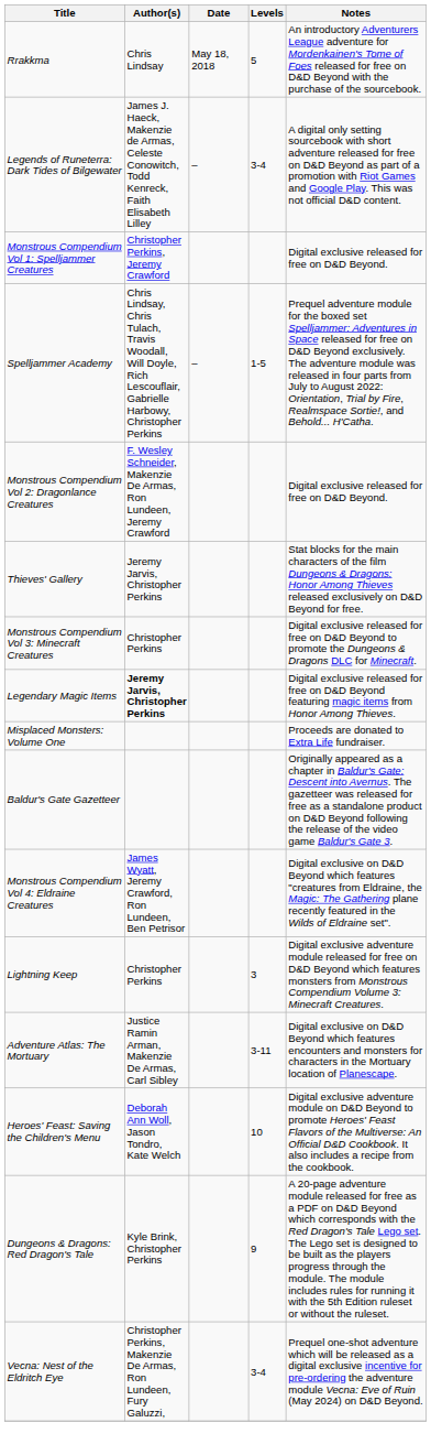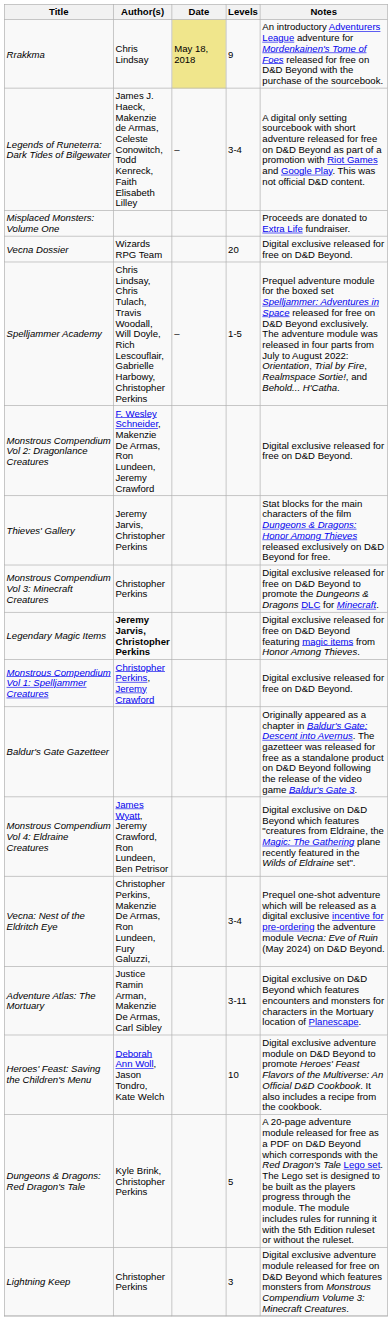 <table class="wikitable sortable" style="margins:auto; width=95%; font-size: 95%;">
 <tr>
 <th width="30%">Title</th>
 <th width="15%">Author(s)</th>
 <th width="15%">Date</th>
 <th width="5%">Levels</th>
 <th width="35%">Notes</th>
 </tr>
 <tr>
 <td><em>Rrakkma</em></td>
 <td>Chris Lindsay</td>
-<td>May 18, 2018</td>
-<td>5</td>
+<td style="background: khaki;">May 18, 2018</td>
+<td>9</td>
 <td>An introductory <a href='#'>Adventurers League</a> adventure for <em><a href='#'>Mordenkainen's Tome of Foes</a></em> released for free on D&D Beyond with the purchase of the sourcebook.</td>
 </tr>
 <tr>
 <td><em>Legends of Runeterra: Dark Tides of Bilgewater</em></td>
 <td>James J. Haeck, Makenzie de Armas, Celeste Conowitch, Todd Kenreck, Faith Elisabeth Lilley</td>
 <td> – </td>
 <td>3-4</td>
 <td>A digital only setting sourcebook with short adventure released for free on D&D Beyond as part of a promotion with <a href='#'>Riot Games</a> and <a href='#'>Google Play</a>. This was not official D&D content.</td>
 </tr>
 <tr>
-<td><em><a href='#'>Monstrous Compendium Vol 1: Spelljammer Creatures</a></em></td>
-<td><a href='#'>Christopher Perkins</a>, <a href='#'>Jeremy Crawford</a></td>
+<td><em>Misplaced Monsters: Volume One</em></td>
 <td></td>
 <td></td>
+<td></td>
+<td>Proceeds are donated to <a href='#'>Extra Life</a> fundraiser.</td>
+</tr>
+<tr>
+<td><em>Vecna Dossier</em></td>
+<td>Wizards RPG Team</td>
+<td></td>
+<td>20</td>
 <td>Digital exclusive released for free on D&D Beyond.</td>
 </tr>
 <tr>
 <td><em>Spelljammer Academy</em></td>
 <td>Chris Lindsay, Chris Tulach, Travis Woodall, Will Doyle, Rich Lescouflair, Gabrielle Harbowy, Christopher Perkins</td>
 <td> – </td>
 <td>1-5</td>
 <td>Prequel adventure module for the boxed set <em><a href='#'>Spelljammer: Adventures in Space</a></em> released for free on D&D Beyond exclusively. The adventure module was released in four parts from July to August 2022: <em>Orientation</em>, <em>Trial by Fire</em>, <em>Realmspace Sortie!</em>, and <em>Behold... H'Catha</em>.</td>
 </tr>
 <tr>
 <td><em>Monstrous Compendium Vol 2: Dragonlance Creatures</em></td>
 <td><a href='#'>F. Wesley Schneider</a>, Makenzie De Armas, Ron Lundeen, Jeremy Crawford</td>
 <td></td>
 <td></td>
 <td>Digital exclusive released for free on D&D Beyond.</td>
 </tr>
 <tr>
 <td><em>Thieves' Gallery</em></td>
 <td>Jeremy Jarvis, Christopher Perkins</td>
 <td></td>
 <td></td>
 <td>Stat blocks for the main characters of the film <em><a href='#'>Dungeons & Dragons: Honor Among Thieves</a></em> released exclusively on D&D Beyond for free.</td>
 </tr>
 <tr>
 <td><em>Monstrous Compendium Vol 3: Minecraft Creatures</em></td>
 <td>Christopher Perkins</td>
 <td></td>
 <td></td>
 <td>Digital exclusive released for free on D&D Beyond to promote the <em>Dungeons & Dragons</em> <a href='#'>DLC</a> for <em><a href='#'>Minecraft</a></em>.</td>
 </tr>
 <tr>
 <td><em>Legendary Magic Items</em></td>
 <td><strong>Jeremy Jarvis, Christopher Perkins</strong></td>
 <td></td>
 <td></td>
 <td>Digital exclusive released for free on D&D Beyond featuring <a href='#'>magic items</a> from <em>Honor Among Thieves</em>.</td>
 </tr>
 <tr>
-<td><em>Misplaced Monsters: Volume One</em></td>
+<td><em><a href='#'>Monstrous Compendium Vol 1: Spelljammer Creatures</a></em></td>
+<td><a href='#'>Christopher Perkins</a>, <a href='#'>Jeremy Crawford</a></td>
 <td></td>
 <td></td>
-<td></td>
-<td>Proceeds are donated to <a href='#'>Extra Life</a> fundraiser.</td>
+<td>Digital exclusive released for free on D&D Beyond.</td>
 </tr>
 <tr>
 <td><em>Baldur's Gate Gazetteer</em></td>
 <td></td>
 <td></td>
 <td></td>
 <td>Originally appeared as a chapter in <em><a href='#'>Baldur's Gate: Descent into Avernus</a></em>. The gazetteer was released for free as a standalone product on D&D Beyond following the release of the video game <em><a href='#'>Baldur's Gate 3</a></em>.</td>
 </tr>
 <tr>
 <td><em>Monstrous Compendium Vol 4: Eldraine Creatures</em></td>
 <td><a href='#'>James Wyatt</a>, Jeremy Crawford, Ron Lundeen, Ben Petrisor</td>
 <td></td>
 <td></td>
 <td>Digital exclusive on D&D Beyond which features "creatures from Eldraine, the <em><a href='#'>Magic: The Gathering</a></em> plane recently featured in the <em>Wilds of Eldraine</em> set".</td>
 </tr>
 <tr>
-<td><em>Lightning Keep</em></td>
-<td>Christopher Perkins</td>
+<td><em>Vecna: Nest of the Eldritch Eye</em></td>
+<td>Christopher Perkins, Makenzie De Armas, Ron Lundeen, Fury Galuzzi,</td>
 <td></td>
-<td>3</td>
-<td>Digital exclusive adventure module released for free on D&D Beyond which features monsters from <em>Monstrous Compendium Volume 3: Minecraft Creatures</em>.</td>
+<td>3-4</td>
+<td>Prequel one-shot adventure which will be released as a digital exclusive <a href='#'>incentive for pre-ordering</a> the adventure module <em>Vecna: Eve of Ruin</em> (May 2024) on D&D Beyond.</td>
 </tr>
 <tr>
 <td><em>Adventure Atlas: The Mortuary</em></td>
 <td>Justice Ramin Arman, Makenzie De Armas, Carl Sibley</td>
 <td></td>
 <td>3-11</td>
 <td>Digital exclusive on D&D Beyond which features encounters and monsters for characters in the Mortuary location of <a href='#'>Planescape</a>.</td>
 </tr>
 <tr>
 <td><em>Heroes' Feast: Saving the Children's Menu</em></td>
 <td><a href='#'>Deborah Ann Woll</a>, Jason Tondro, Kate Welch</td>
 <td></td>
 <td>10</td>
 <td>Digital exclusive adventure module on D&D Beyond to promote <em>Heroes' Feast Flavors of the Multiverse: An Official D&D Cookbook</em>. It also includes a recipe from the cookbook.</td>
 </tr>
 <tr>
 <td><em>Dungeons & Dragons: Red Dragon's Tale</em></td>
 <td>Kyle Brink, Christopher Perkins</td>
 <td></td>
-<td>9</td>
+<td>5</td>
 <td>A 20-page adventure module released for free as a PDF on D&D Beyond which corresponds with the <em>Red Dragon's Tale</em> <a href='#'>Lego set</a>. The Lego set is designed to be built as the players progress through the module. The module includes rules for running it with the 5th Edition ruleset or without the ruleset.</td>
 </tr>
 <tr>
-<td><em>Vecna: Nest of the Eldritch Eye</em></td>
-<td>Christopher Perkins, Makenzie De Armas, Ron Lundeen, Fury Galuzzi,</td>
+<td><em>Lightning Keep</em></td>
+<td>Christopher Perkins</td>
 <td></td>
-<td>3-4</td>
-<td>Prequel one-shot adventure which will be released as a digital exclusive <a href='#'>incentive for pre-ordering</a> the adventure module <em>Vecna: Eve of Ruin</em> (May 2024) on D&D Beyond.</td>
+<td>3</td>
+<td>Digital exclusive adventure module released for free on D&D Beyond which features monsters from <em>Monstrous Compendium Volume 3: Minecraft Creatures</em>.</td>
 </tr>
 <tr>
 </tr>
 </table>
